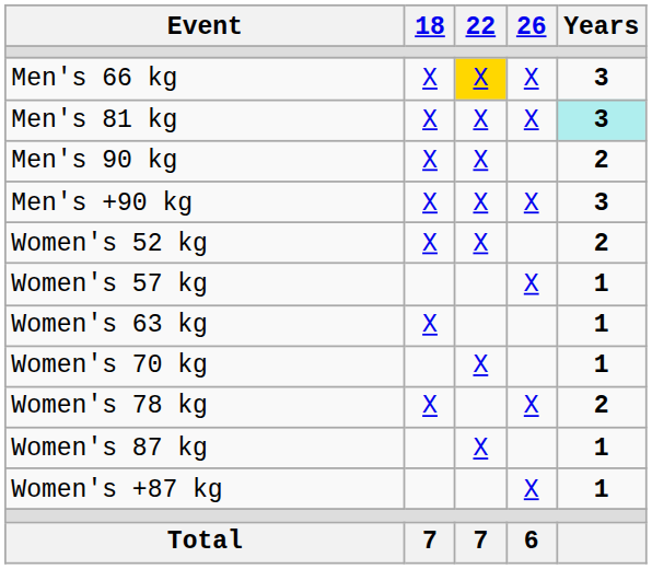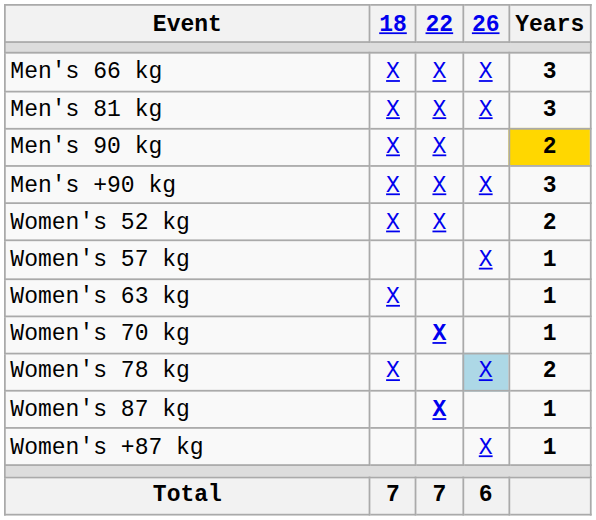 <table class=wikitable style="text-align:center">
 <tr>
 <th width="200">Event</th>
 <th width=20><a href='#'>18</a></th>
 <th width=20><a href='#'>22</a></th>
 <th width=20><a href='#'>26</a></th>
 <th width=40>Years</th>
 </tr>
 <tr bgcolor=#DDDDDD>
 <td colspan=5></td>
 </tr>
 <tr>
 <td align=left>Men's 66 kg</td>
 <td><a href='#'>X</a></td>
-<td style="background: gold;"><a href='#'>X</a></td>
+<td><a href='#'>X</a></td>
 <td><a href='#'>X</a></td>
 <td><strong>3</strong></td>
 </tr>
 <tr>
 <td align=left>Men's 81 kg</td>
 <td><a href='#'>X</a></td>
 <td><a href='#'>X</a></td>
 <td><a href='#'>X</a></td>
-<td style="background: paleturquoise;"><strong>3</strong></td>
+<td><strong>3</strong></td>
 </tr>
 <tr>
 <td align=left>Men's 90 kg</td>
 <td><a href='#'>X</a></td>
 <td><a href='#'>X</a></td>
 <td></td>
-<td><strong>2</strong></td>
+<td style="background: gold;"><strong>2</strong></td>
 </tr>
 <tr>
 <td align=left>Men's +90 kg</td>
 <td><a href='#'>X</a></td>
 <td><a href='#'>X</a></td>
 <td><a href='#'>X</a></td>
 <td><strong>3</strong></td>
 </tr>
 <tr>
 <td align=left>Women's 52 kg</td>
 <td><a href='#'>X</a></td>
 <td><a href='#'>X</a></td>
 <td></td>
 <td><strong>2</strong></td>
 </tr>
 <tr>
 <td align=left>Women's 57 kg</td>
 <td></td>
 <td></td>
 <td><a href='#'>X</a></td>
 <td><strong>1</strong></td>
 </tr>
 <tr>
 <td align=left>Women's 63 kg</td>
 <td><a href='#'>X</a></td>
 <td></td>
 <td></td>
 <td><strong>1</strong></td>
 </tr>
 <tr>
 <td align=left>Women's 70 kg</td>
 <td></td>
-<td><a href='#'>X</a></td>
+<td><strong><a href='#'>X</a></strong></td>
 <td></td>
 <td><strong>1</strong></td>
 </tr>
 <tr>
 <td align=left>Women's 78 kg</td>
 <td><a href='#'>X</a></td>
 <td></td>
-<td><a href='#'>X</a></td>
+<td style="background: lightblue;"><a href='#'>X</a></td>
 <td><strong>2</strong></td>
 </tr>
 <tr>
 <td align=left>Women's 87 kg</td>
 <td></td>
-<td><a href='#'>X</a></td>
+<td><strong><a href='#'>X</a></strong></td>
 <td></td>
 <td><strong>1</strong></td>
 </tr>
 <tr>
 <td align=left>Women's +87 kg</td>
 <td></td>
 <td></td>
 <td><a href='#'>X</a></td>
 <td><strong>1</strong></td>
 </tr>
 <tr bgcolor=#DDDDDD>
 <td colspan=5></td>
 </tr>
 <tr>
 <th>Total</th>
 <th>7</th>
 <th>7</th>
 <th>6</th>
 <th></th>
 </tr>
 </table>
